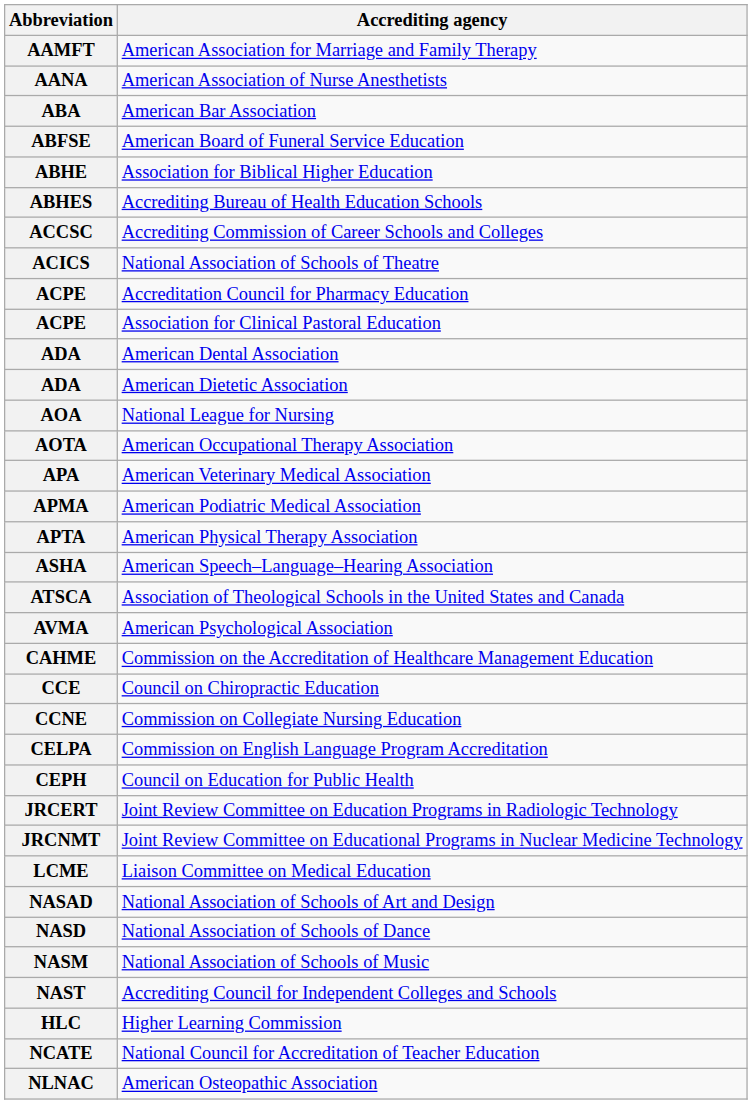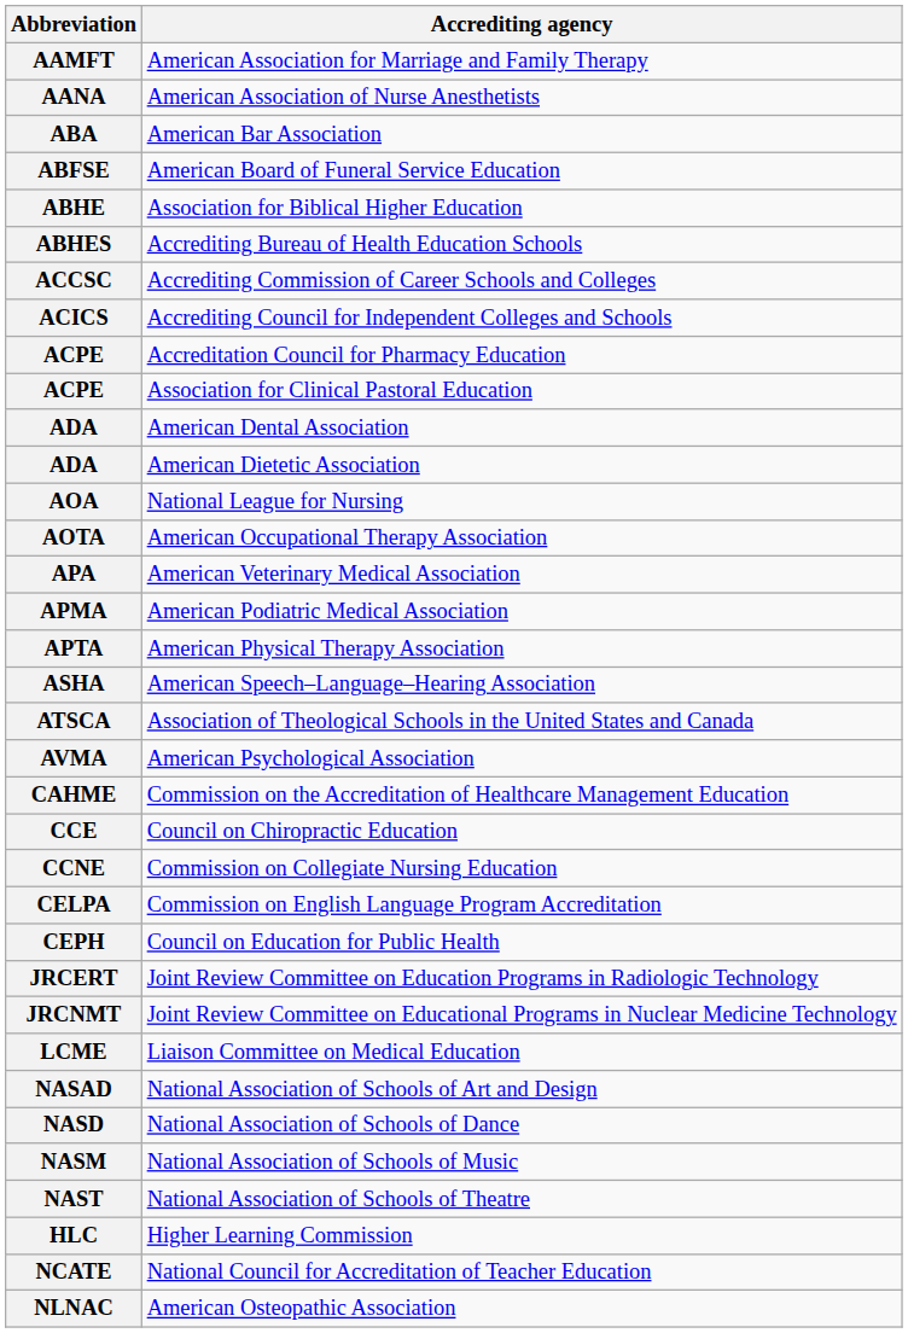 <table class="wikitable plainrowheaders" style="text-align:left; width:auto; font-size:90%">
 <tr>
 <th scope="col">Abbreviation</th>
 <th scope="col">Accrediting agency</th>
 </tr>
 <tr>
 <th scope="row">AAMFT</th>
 <td><a href='#'>American Association for Marriage and Family Therapy</a></td>
 </tr>
 <tr>
 <th scope="row">AANA</th>
 <td><a href='#'>American Association of Nurse Anesthetists</a></td>
 </tr>
 <tr>
 <th scope="row">ABA</th>
 <td><a href='#'>American Bar Association</a></td>
 </tr>
 <tr>
 <th scope="row">ABFSE</th>
 <td><a href='#'>American Board of Funeral Service Education</a></td>
 </tr>
 <tr>
 <th scope="row">ABHE</th>
 <td><a href='#'>Association for Biblical Higher Education</a></td>
 </tr>
 <tr>
 <th scope="row">ABHES</th>
 <td><a href='#'>Accrediting Bureau of Health Education Schools</a></td>
 </tr>
 <tr>
 <th scope="row">ACCSC</th>
 <td><a href='#'>Accrediting Commission of Career Schools and Colleges</a></td>
 </tr>
 <tr>
 <th scope="row">ACICS</th>
-<td><a href='#'>National Association of Schools of Theatre</a></td>
+<td><a href='#'>Accrediting Council for Independent Colleges and Schools</a></td>
 </tr>
 <tr>
 <th scope="row">ACPE</th>
 <td><a href='#'>Accreditation Council for Pharmacy Education</a></td>
 </tr>
 <tr>
 <th scope="row">ACPE</th>
 <td><a href='#'>Association for Clinical Pastoral Education</a></td>
 </tr>
 <tr>
 <th scope="row">ADA</th>
 <td><a href='#'>American Dental Association</a></td>
 </tr>
 <tr>
 <th scope="row">ADA</th>
 <td><a href='#'>American Dietetic Association</a></td>
 </tr>
 <tr>
 <th scope="row">AOA</th>
 <td><a href='#'>National League for Nursing</a></td>
 </tr>
 <tr>
 <th scope="row">AOTA</th>
 <td><a href='#'>American Occupational Therapy Association</a></td>
 </tr>
 <tr>
 <th scope="row">APA</th>
 <td><a href='#'>American Veterinary Medical Association</a></td>
 </tr>
 <tr>
 <th scope="row">APMA</th>
 <td><a href='#'>American Podiatric Medical Association</a></td>
 </tr>
 <tr>
 <th scope="row">APTA</th>
 <td><a href='#'>American Physical Therapy Association</a></td>
 </tr>
 <tr>
 <th scope="row">ASHA</th>
 <td><a href='#'>American Speech–Language–Hearing Association</a></td>
 </tr>
 <tr>
 <th scope="row">ATSCA</th>
 <td><a href='#'>Association of Theological Schools in the United States and Canada</a></td>
 </tr>
 <tr>
 <th scope="row">AVMA</th>
 <td><a href='#'>American Psychological Association</a></td>
 </tr>
 <tr>
 <th scope="row">CAHME</th>
 <td><a href='#'>Commission on the Accreditation of Healthcare Management Education</a></td>
 </tr>
 <tr>
 <th scope="row">CCE</th>
 <td><a href='#'>Council on Chiropractic Education</a></td>
 </tr>
 <tr>
 <th scope="row">CCNE</th>
 <td><a href='#'>Commission on Collegiate Nursing Education</a></td>
 </tr>
 <tr>
 <th scope="row">CELPA</th>
 <td><a href='#'>Commission on English Language Program Accreditation</a></td>
 </tr>
 <tr>
 <th scope="row">CEPH</th>
 <td><a href='#'>Council on Education for Public Health</a></td>
 </tr>
 <tr>
 <th scope="row">JRCERT</th>
 <td><a href='#'>Joint Review Committee on Education Programs in Radiologic Technology</a></td>
 </tr>
 <tr>
 <th scope="row">JRCNMT</th>
 <td><a href='#'>Joint Review Committee on Educational Programs in Nuclear Medicine Technology</a></td>
 </tr>
 <tr>
 <th scope="row">LCME</th>
 <td><a href='#'>Liaison Committee on Medical Education</a></td>
 </tr>
 <tr>
 <th scope="row">NASAD</th>
 <td><a href='#'>National Association of Schools of Art and Design</a></td>
 </tr>
 <tr>
 <th scope="row">NASD</th>
 <td><a href='#'>National Association of Schools of Dance</a></td>
 </tr>
 <tr>
 <th scope="row">NASM</th>
 <td><a href='#'>National Association of Schools of Music</a></td>
 </tr>
 <tr>
 <th scope="row">NAST</th>
-<td><a href='#'>Accrediting Council for Independent Colleges and Schools</a></td>
+<td><a href='#'>National Association of Schools of Theatre</a></td>
 </tr>
 <tr>
 <th scope="row">HLC</th>
 <td><a href='#'>Higher Learning Commission</a></td>
 </tr>
 <tr>
 <th scope="row">NCATE</th>
 <td><a href='#'>National Council for Accreditation of Teacher Education</a></td>
 </tr>
 <tr>
 <th scope="row">NLNAC</th>
 <td><a href='#'>American Osteopathic Association</a></td>
 </tr>
 </table>
